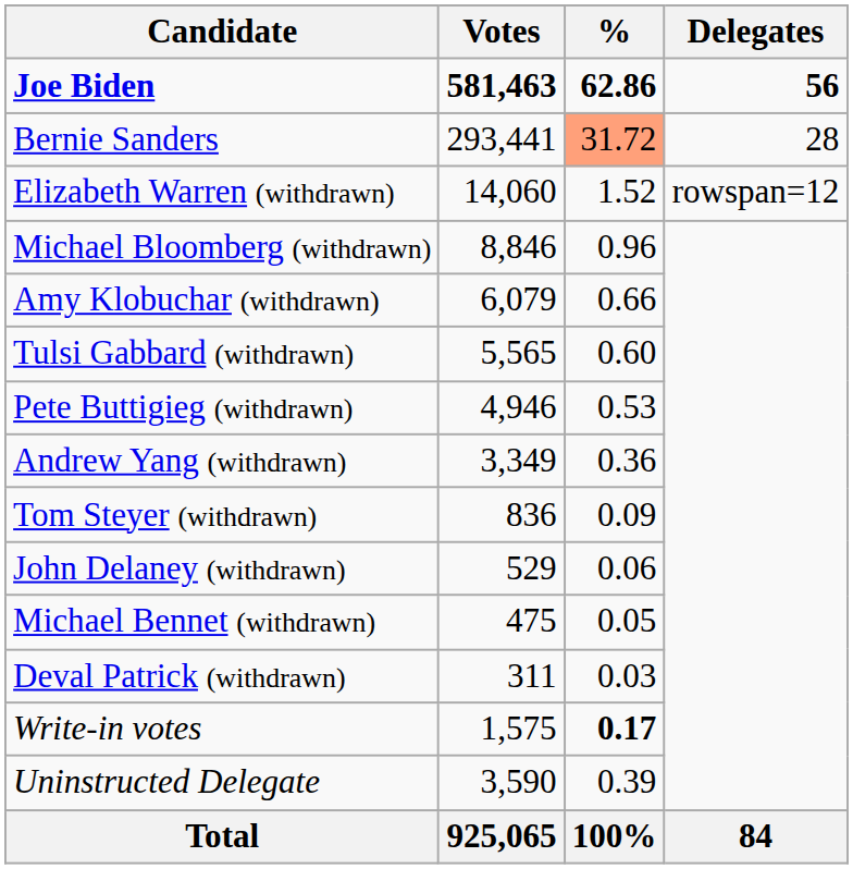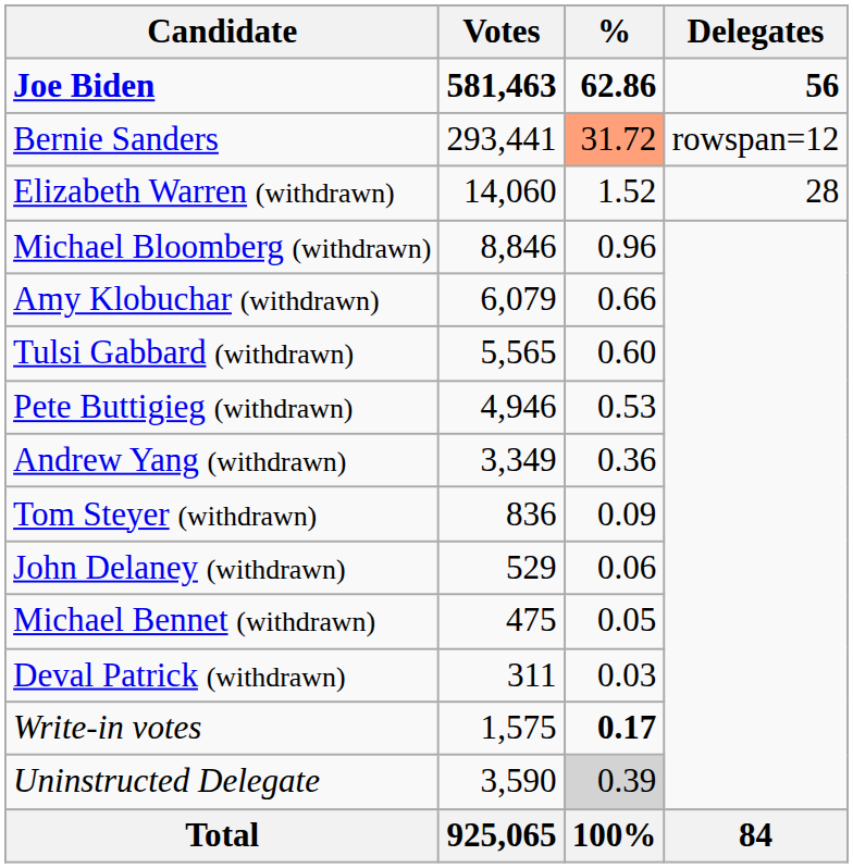 <table class="wikitable sortable" style="text-align:right;">
 <tr>
 <th>Candidate</th>
 <th>Votes</th>
 <th>%</th>
 <th>Delegates</th>
 </tr>
 <tr>
 <td style="text-align:left;" data-sort-value="Biden, Joe"><strong><a href='#'>Joe Biden</a></strong></td>
 <td><strong>581,463</strong></td>
 <td><strong>62.86</strong></td>
 <td><strong>56</strong></td>
 </tr>
 <tr>
 <td style="text-align:left;" data-sort-value="Sanders, Bernie"><a href='#'>Bernie Sanders</a></td>
 <td>293,441</td>
 <td style="background: lightsalmon;">31.72</td>
-<td>28</td>
+<td>rowspan=12 </td>
 </tr>
 <tr>
 <td style="text-align:left;" data-sort-value="Warren, Elizabeth"><a href='#'>Elizabeth Warren</a> <small>(withdrawn)</small></td>
 <td>14,060</td>
 <td>1.52</td>
-<td>rowspan=12 </td>
+<td>28</td>
 </tr>
 <tr>
 <td style="text-align:left;" data-sort-value="Bloomberg, Michael"><a href='#'>Michael Bloomberg</a> <small>(withdrawn)</small></td>
 <td>8,846</td>
 <td>0.96</td>
 </tr>
 <tr>
 <td style="text-align:left;" data-sort-value="Klobuchar, Amy"><a href='#'>Amy Klobuchar</a> <small>(withdrawn)</small></td>
 <td>6,079</td>
 <td>0.66</td>
 </tr>
 <tr>
 <td style="text-align:left;" data-sort-value="Gabbard, Tulsi"><a href='#'>Tulsi Gabbard</a> <small>(withdrawn)</small></td>
 <td>5,565</td>
 <td>0.60</td>
 </tr>
 <tr>
 <td style="text-align:left;" data-sort-value="Buttigieg, Pete"><a href='#'>Pete Buttigieg</a> <small>(withdrawn)</small></td>
 <td>4,946</td>
 <td>0.53</td>
 </tr>
 <tr>
 <td style="text-align:left;" data-sort-value="Yang, Andrew"><a href='#'>Andrew Yang</a> <small>(withdrawn)</small></td>
 <td>3,349</td>
 <td>0.36</td>
 </tr>
 <tr>
 <td style="text-align:left;" data-sort-value="Steyer, Tom"><a href='#'>Tom Steyer</a> <small>(withdrawn)</small></td>
 <td>836</td>
 <td>0.09</td>
 </tr>
 <tr>
 <td style="text-align:left;" data-sort-value="Delaney, John"><a href='#'>John Delaney</a> <small>(withdrawn)</small></td>
 <td>529</td>
 <td>0.06</td>
 </tr>
 <tr>
 <td style="text-align:left;" data-sort-value="Bennet, Michael"><a href='#'>Michael Bennet</a> <small>(withdrawn)</small></td>
 <td>475</td>
 <td>0.05</td>
 </tr>
 <tr>
 <td style="text-align:left;" data-sort-value="Patrick, Deval"><a href='#'>Deval Patrick</a> <small>(withdrawn)</small></td>
 <td>311</td>
 <td>0.03</td>
 </tr>
 <tr>
 <td style="text-align:left;" data-sort-value="ZZA"><em>Write-in votes</em></td>
 <td>1,575</td>
 <td><strong>0.17</strong></td>
 </tr>
 <tr>
 <td style="text-align:left;" data-sort-value="ZZB"><em>Uninstructed Delegate</em></td>
 <td>3,590</td>
-<td>0.39</td>
+<td style="background: lightgrey;">0.39</td>
 </tr>
 <tr>
 <th>Total</th>
 <th>925,065</th>
 <th>100%</th>
 <th>84</th>
 </tr>
 </table>
